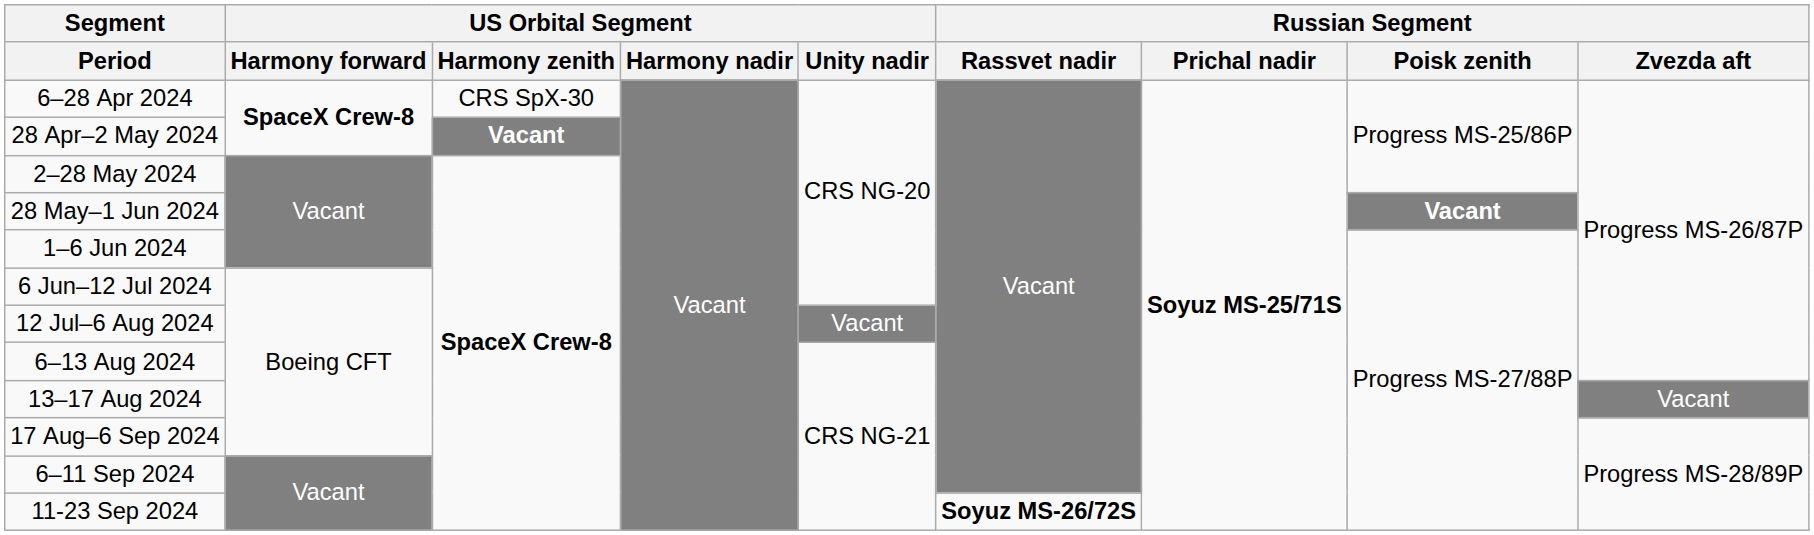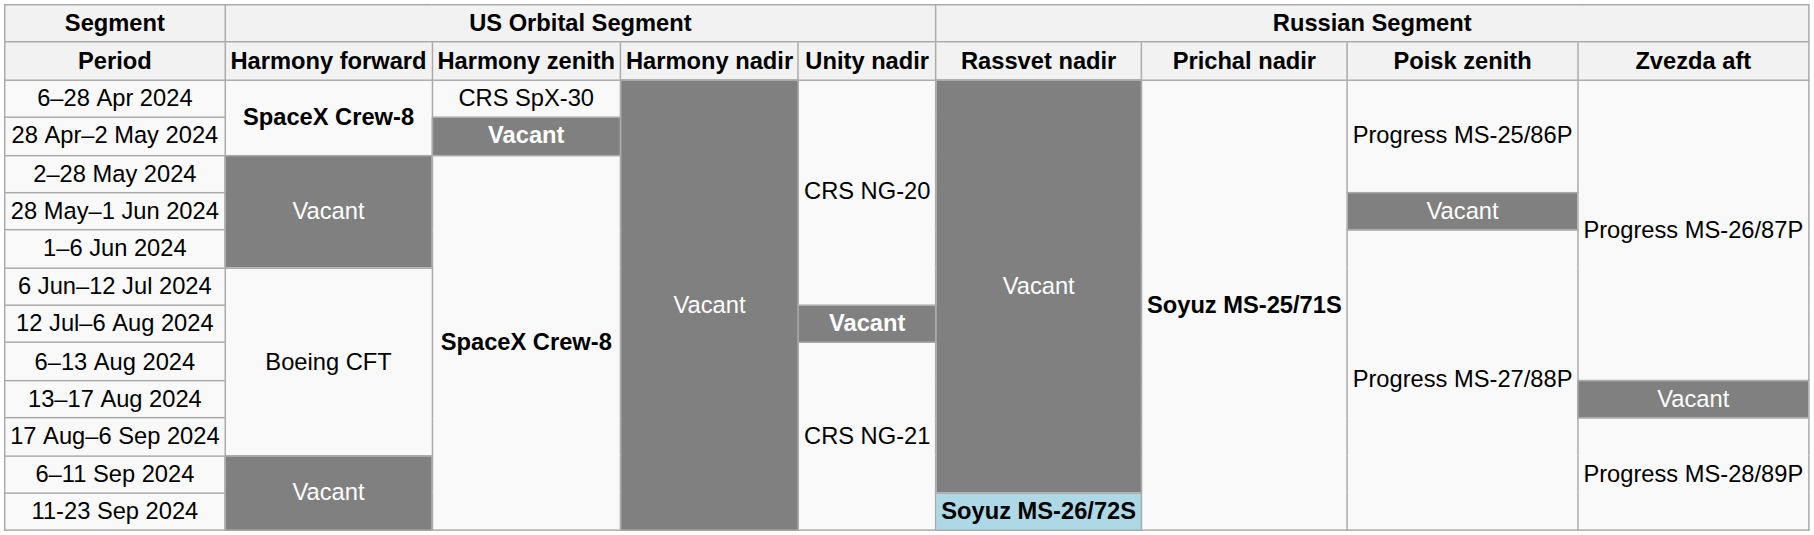 <table class="wikitable" style="text-align:center">
 <tr>
 <th>Segment</th>
 <th colspan="4"> US Orbital Segment</th>
 <th colspan="4"> Russian Segment</th>
 </tr>
 <tr>
 <th>Period</th>
 <th>Harmony forward</th>
 <th>Harmony zenith</th>
 <th>Harmony nadir</th>
 <th>Unity nadir</th>
 <th>Rassvet nadir</th>
 <th>Prichal nadir</th>
 <th>Poisk zenith</th>
 <th>Zvezda aft</th>
 </tr>
 <tr>
 <td>6–28 Apr 2024</td>
 <td rowspan=2><strong>SpaceX Crew-8</strong></td>
 <td>CRS SpX-30</td>
 <td style="background:grey; color:white;" rowspan=12>Vacant</td>
 <td rowspan=6>CRS NG-20</td>
 <td style="background:grey; color:white;" rowspan=11>Vacant</td>
 <td rowspan=12><strong>Soyuz MS-25/71S</strong></td>
 <td rowspan=3>Progress MS-25/86P</td>
 <td rowspan=8>Progress MS-26/87P</td>
 </tr>
 <tr>
 <td>28 Apr–2 May 2024</td>
 <td style="background:grey; color:white;"><strong>Vacant</strong></td>
 </tr>
 <tr>
 <td>2–28 May 2024</td>
 <td rowspan=3 style="background:grey; color:white;">Vacant</td>
 <td rowspan=10><strong>SpaceX Crew-8</strong></td>
 </tr>
 <tr>
 <td>28 May–1 Jun 2024</td>
-<td style="background:grey; color:white;"><strong>Vacant</strong></td>
+<td style="background:grey; color:white;">Vacant</td>
 </tr>
 <tr>
 <td>1–6 Jun 2024</td>
 <td rowspan=8>Progress MS-27/88P</td>
 </tr>
 <tr>
 <td>6 Jun–12 Jul 2024</td>
 <td rowspan=5>Boeing CFT</td>
 </tr>
 <tr>
 <td>12 Jul–6 Aug 2024</td>
-<td style="background:grey; color:white;">Vacant</td>
+<td style="background:grey; color:white;"><strong>Vacant</strong></td>
 </tr>
 <tr>
 <td>6–13 Aug 2024</td>
 <td rowspan=5>CRS NG-21</td>
 </tr>
 <tr>
 <td>13–17 Aug 2024</td>
 <td style="background:grey; color:white;">Vacant</td>
 </tr>
 <tr>
 <td>17 Aug–6 Sep 2024</td>
 <td rowspan=3>Progress MS-28/89P</td>
 </tr>
 <tr>
 <td>6–11 Sep 2024</td>
 <td rowspan=2 style="background:grey; color:white;">Vacant</td>
 </tr>
 <tr>
 <td>11-23 Sep 2024</td>
-<td><strong>Soyuz MS-26/72S</strong></td>
+<td style="background: lightblue;"><strong>Soyuz MS-26/72S</strong></td>
 </tr>
 </table>
